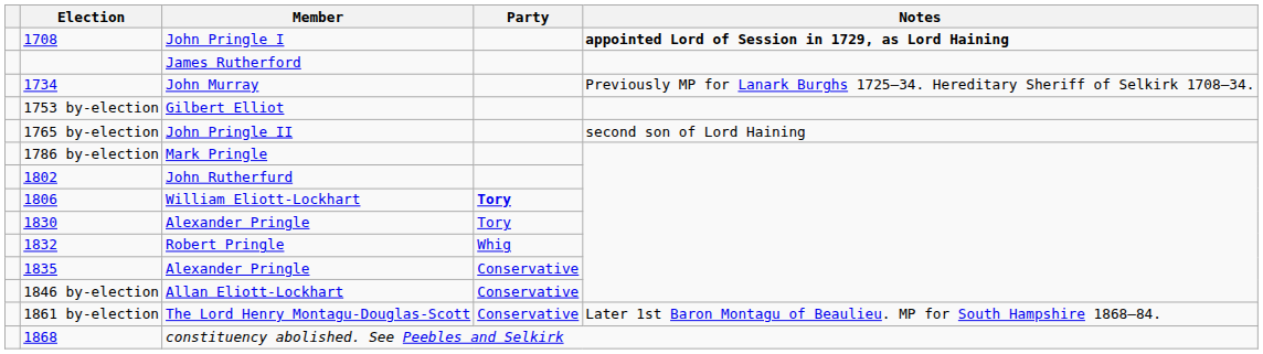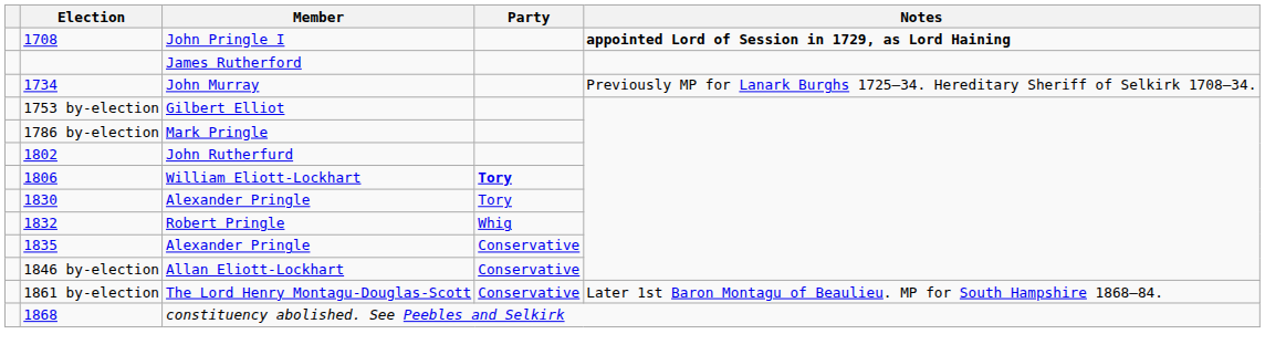 <table class="wikitable">
 <tr>
 <th> </th>
 <th>Election</th>
 <th>Member</th>
 <th>Party</th>
 <th>Notes</th>
 </tr>
 <tr>
 <td></td>
 <td><a href='#'>1708</a></td>
 <td><a href='#'>John Pringle I</a></td>
 <td></td>
 <td><strong>appointed Lord of Session in 1729, as Lord Haining</strong></td>
 </tr>
 <tr>
 <td></td>
 <td></td>
 <td><a href='#'>James Rutherford</a></td>
 <td></td>
 </tr>
 <tr>
 <td></td>
 <td><a href='#'>1734</a></td>
 <td><a href='#'>John Murray</a></td>
 <td></td>
 <td>Previously MP for <a href='#'>Lanark Burghs</a> 1725–34. Hereditary Sheriff of Selkirk 1708–34.</td>
 </tr>
 <tr>
 <td></td>
 <td>1753 by-election</td>
 <td><a href='#'>Gilbert Elliot</a></td>
 <td></td>
-</tr>
-<tr>
-<td></td>
-<td>1765 by-election</td>
-<td><a href='#'>John Pringle II</a></td>
-<td></td>
-<td>second son of Lord Haining</td>
 </tr>
 <tr>
 <td></td>
 <td>1786 by-election</td>
 <td><a href='#'>Mark Pringle</a></td>
 <td></td>
 </tr>
 <tr>
 <td></td>
 <td><a href='#'>1802</a></td>
 <td><a href='#'>John Rutherfurd</a></td>
 <td></td>
 </tr>
 <tr>
 <td style="color:inherit;background-color: "></td>
 <td><a href='#'>1806</a></td>
 <td><a href='#'>William Eliott-Lockhart</a></td>
 <td><strong><a href='#'>Tory</a></strong></td>
 </tr>
 <tr>
 <td style="color:inherit;background-color: "></td>
 <td><a href='#'>1830</a></td>
 <td><a href='#'>Alexander Pringle</a></td>
 <td><a href='#'>Tory</a></td>
 </tr>
 <tr>
 <td style="color:inherit;background-color: "></td>
 <td><a href='#'>1832</a></td>
 <td><a href='#'>Robert Pringle</a></td>
 <td><a href='#'>Whig</a></td>
 </tr>
 <tr>
 <td style="color:inherit;background-color: "></td>
 <td><a href='#'>1835</a></td>
 <td><a href='#'>Alexander Pringle</a></td>
 <td><a href='#'>Conservative</a></td>
 </tr>
 <tr>
 <td style="color:inherit;background-color: "></td>
 <td>1846 by-election</td>
 <td><a href='#'>Allan Eliott-Lockhart</a></td>
 <td><a href='#'>Conservative</a></td>
 </tr>
 <tr>
 <td style="color:inherit;background-color: "></td>
 <td>1861 by-election</td>
 <td><a href='#'>The Lord Henry Montagu-Douglas-Scott</a></td>
 <td><a href='#'>Conservative</a></td>
 <td>Later 1st <a href='#'>Baron Montagu of Beaulieu</a>. MP for <a href='#'>South Hampshire</a> 1868–84.</td>
 </tr>
 <tr>
 <td></td>
 <td><a href='#'>1868</a></td>
 <td colspan="3"><em>constituency abolished. See <a href='#'>Peebles and Selkirk</a></em></td>
 </tr>
 </table>
